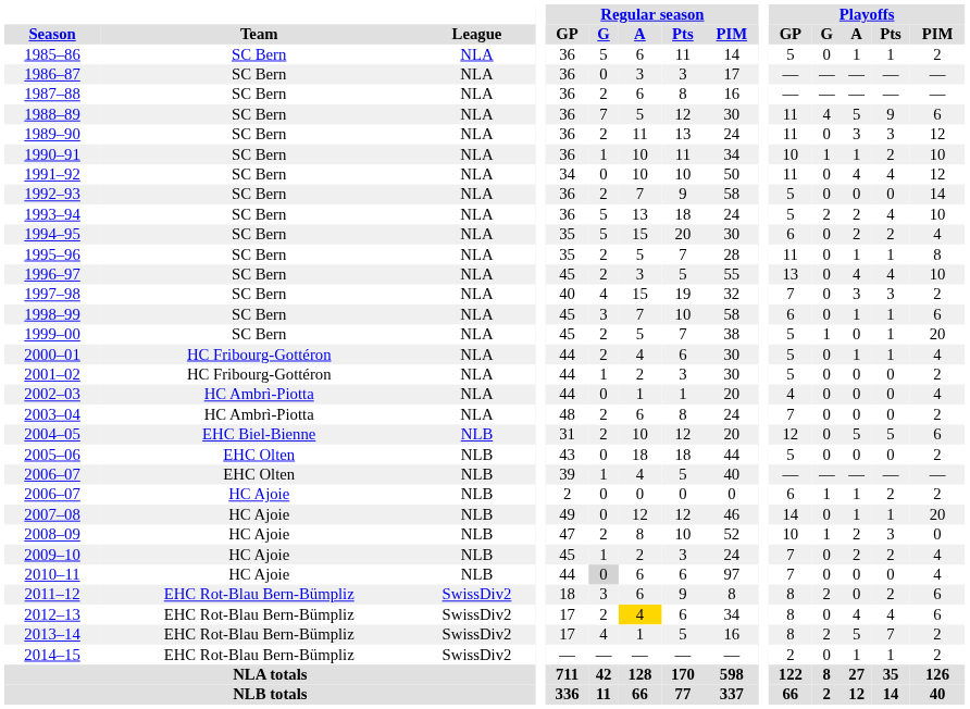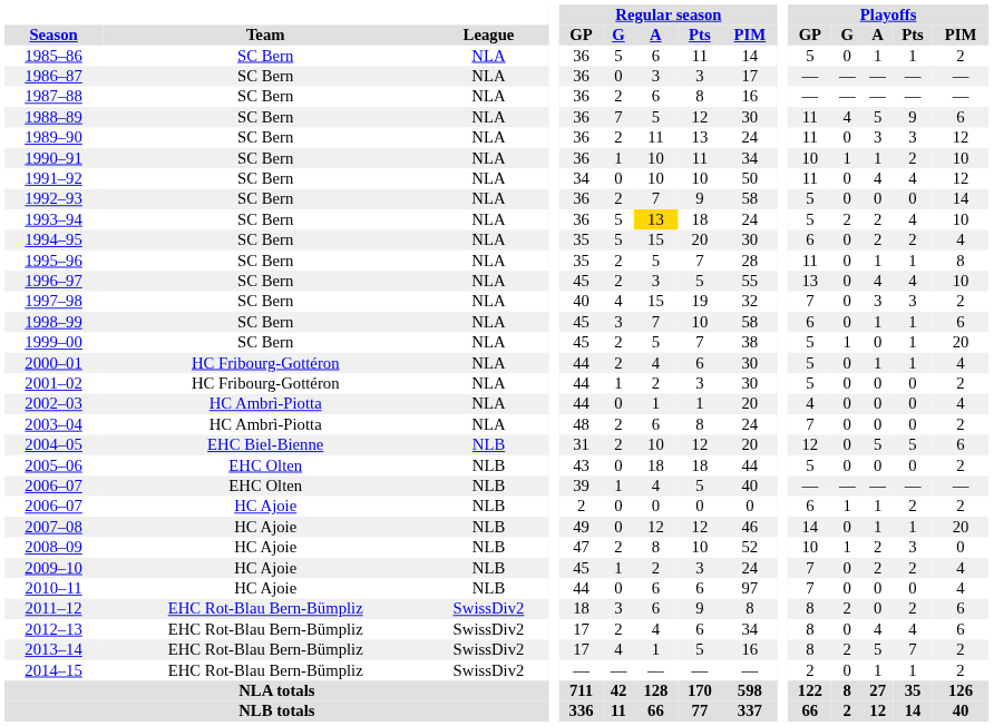 <table border="0" cellpadding="1" cellspacing="0" style="text-align:center; width:60em">
 <tr bgcolor="#e0e0e0">
 <th colspan="3" bgcolor="#ffffff"> </th>
 <th rowspan="99" bgcolor="#ffffff"> </th>
 <th colspan="5"><a href='#'>Regular season</a></th>
 <th rowspan="99" bgcolor="#ffffff"> </th>
 <th colspan="5"><a href='#'>Playoffs</a></th>
 </tr>
 <tr bgcolor="#e0e0e0">
 <th><a href='#'>Season</a></th>
 <th>Team</th>
 <th>League</th>
 <th>GP</th>
 <th><a href='#'>G</a></th>
 <th><a href='#'>A</a></th>
 <th><a href='#'>Pts</a></th>
 <th><a href='#'>PIM</a></th>
 <th>GP</th>
 <th>G</th>
 <th>A</th>
 <th>Pts</th>
 <th>PIM</th>
 </tr>
 <tr>
 <td><a href='#'>1985–86</a></td>
 <td><a href='#'>SC Bern</a></td>
 <td><a href='#'>NLA</a></td>
 <td>36</td>
 <td>5</td>
 <td>6</td>
 <td>11</td>
 <td>14</td>
 <td>5</td>
 <td>0</td>
 <td>1</td>
 <td>1</td>
 <td>2</td>
 </tr>
 <tr bgcolor="#f0f0f0">
 <td><a href='#'>1986–87</a></td>
 <td>SC Bern</td>
 <td>NLA</td>
 <td>36</td>
 <td>0</td>
 <td>3</td>
 <td>3</td>
 <td>17</td>
 <td>—</td>
 <td>—</td>
 <td>—</td>
 <td>—</td>
 <td>—</td>
 </tr>
 <tr>
 <td><a href='#'>1987–88</a></td>
 <td>SC Bern</td>
 <td>NLA</td>
 <td>36</td>
 <td>2</td>
 <td>6</td>
 <td>8</td>
 <td>16</td>
 <td>—</td>
 <td>—</td>
 <td>—</td>
 <td>—</td>
 <td>—</td>
 </tr>
 <tr bgcolor="#f0f0f0">
 <td><a href='#'>1988–89</a></td>
 <td>SC Bern</td>
 <td>NLA</td>
 <td>36</td>
 <td>7</td>
 <td>5</td>
 <td>12</td>
 <td>30</td>
 <td>11</td>
 <td>4</td>
 <td>5</td>
 <td>9</td>
 <td>6</td>
 </tr>
 <tr>
 <td><a href='#'>1989–90</a></td>
 <td>SC Bern</td>
 <td>NLA</td>
 <td>36</td>
 <td>2</td>
 <td>11</td>
 <td>13</td>
 <td>24</td>
 <td>11</td>
 <td>0</td>
 <td>3</td>
 <td>3</td>
 <td>12</td>
 </tr>
 <tr bgcolor="#f0f0f0">
 <td><a href='#'>1990–91</a></td>
 <td>SC Bern</td>
 <td>NLA</td>
 <td>36</td>
 <td>1</td>
 <td>10</td>
 <td>11</td>
 <td>34</td>
 <td>10</td>
 <td>1</td>
 <td>1</td>
 <td>2</td>
 <td>10</td>
 </tr>
 <tr>
 <td><a href='#'>1991–92</a></td>
 <td>SC Bern</td>
 <td>NLA</td>
 <td>34</td>
 <td>0</td>
 <td>10</td>
 <td>10</td>
 <td>50</td>
 <td>11</td>
 <td>0</td>
 <td>4</td>
 <td>4</td>
 <td>12</td>
 </tr>
 <tr bgcolor="#f0f0f0">
 <td><a href='#'>1992–93</a></td>
 <td>SC Bern</td>
 <td>NLA</td>
 <td>36</td>
 <td>2</td>
 <td>7</td>
 <td>9</td>
 <td>58</td>
 <td>5</td>
 <td>0</td>
 <td>0</td>
 <td>0</td>
 <td>14</td>
 </tr>
 <tr>
 <td><a href='#'>1993–94</a></td>
 <td>SC Bern</td>
 <td>NLA</td>
 <td>36</td>
 <td>5</td>
-<td>13</td>
+<td style="background: gold;">13</td>
 <td>18</td>
 <td>24</td>
 <td>5</td>
 <td>2</td>
 <td>2</td>
 <td>4</td>
 <td>10</td>
 </tr>
 <tr bgcolor="#f0f0f0">
 <td><a href='#'>1994–95</a></td>
 <td>SC Bern</td>
 <td>NLA</td>
 <td>35</td>
 <td>5</td>
 <td>15</td>
 <td>20</td>
 <td>30</td>
 <td>6</td>
 <td>0</td>
 <td>2</td>
 <td>2</td>
 <td>4</td>
 </tr>
 <tr>
 <td><a href='#'>1995–96</a></td>
 <td>SC Bern</td>
 <td>NLA</td>
 <td>35</td>
 <td>2</td>
 <td>5</td>
 <td>7</td>
 <td>28</td>
 <td>11</td>
 <td>0</td>
 <td>1</td>
 <td>1</td>
 <td>8</td>
 </tr>
 <tr bgcolor="#f0f0f0">
 <td><a href='#'>1996–97</a></td>
 <td>SC Bern</td>
 <td>NLA</td>
 <td>45</td>
 <td>2</td>
 <td>3</td>
 <td>5</td>
 <td>55</td>
 <td>13</td>
 <td>0</td>
 <td>4</td>
 <td>4</td>
 <td>10</td>
 </tr>
 <tr>
 <td><a href='#'>1997–98</a></td>
 <td>SC Bern</td>
 <td>NLA</td>
 <td>40</td>
 <td>4</td>
 <td>15</td>
 <td>19</td>
 <td>32</td>
 <td>7</td>
 <td>0</td>
 <td>3</td>
 <td>3</td>
 <td>2</td>
 </tr>
 <tr bgcolor="#f0f0f0">
 <td><a href='#'>1998–99</a></td>
 <td>SC Bern</td>
 <td>NLA</td>
 <td>45</td>
 <td>3</td>
 <td>7</td>
 <td>10</td>
 <td>58</td>
 <td>6</td>
 <td>0</td>
 <td>1</td>
 <td>1</td>
 <td>6</td>
 </tr>
 <tr>
 <td><a href='#'>1999–00</a></td>
 <td>SC Bern</td>
 <td>NLA</td>
 <td>45</td>
 <td>2</td>
 <td>5</td>
 <td>7</td>
 <td>38</td>
 <td>5</td>
 <td>1</td>
 <td>0</td>
 <td>1</td>
 <td>20</td>
 </tr>
 <tr bgcolor="#f0f0f0">
 <td><a href='#'>2000–01</a></td>
 <td><a href='#'>HC Fribourg-Gottéron</a></td>
 <td>NLA</td>
 <td>44</td>
 <td>2</td>
 <td>4</td>
 <td>6</td>
 <td>30</td>
 <td>5</td>
 <td>0</td>
 <td>1</td>
 <td>1</td>
 <td>4</td>
 </tr>
 <tr>
 <td><a href='#'>2001–02</a></td>
 <td>HC Fribourg-Gottéron</td>
 <td>NLA</td>
 <td>44</td>
 <td>1</td>
 <td>2</td>
 <td>3</td>
 <td>30</td>
 <td>5</td>
 <td>0</td>
 <td>0</td>
 <td>0</td>
 <td>2</td>
 </tr>
 <tr bgcolor="#f0f0f0">
 <td><a href='#'>2002–03</a></td>
 <td><a href='#'>HC Ambrì-Piotta</a></td>
 <td>NLA</td>
 <td>44</td>
 <td>0</td>
 <td>1</td>
 <td>1</td>
 <td>20</td>
 <td>4</td>
 <td>0</td>
 <td>0</td>
 <td>0</td>
 <td>4</td>
 </tr>
 <tr>
 <td><a href='#'>2003–04</a></td>
 <td>HC Ambrì-Piotta</td>
 <td>NLA</td>
 <td>48</td>
 <td>2</td>
 <td>6</td>
 <td>8</td>
 <td>24</td>
 <td>7</td>
 <td>0</td>
 <td>0</td>
 <td>0</td>
 <td>2</td>
 </tr>
 <tr bgcolor="#f0f0f0">
 <td><a href='#'>2004–05</a></td>
 <td><a href='#'>EHC Biel-Bienne</a></td>
 <td><a href='#'>NLB</a></td>
 <td>31</td>
 <td>2</td>
 <td>10</td>
 <td>12</td>
 <td>20</td>
 <td>12</td>
 <td>0</td>
 <td>5</td>
 <td>5</td>
 <td>6</td>
 </tr>
 <tr>
 <td><a href='#'>2005–06</a></td>
 <td><a href='#'>EHC Olten</a></td>
 <td>NLB</td>
 <td>43</td>
 <td>0</td>
 <td>18</td>
 <td>18</td>
 <td>44</td>
 <td>5</td>
 <td>0</td>
 <td>0</td>
 <td>0</td>
 <td>2</td>
 </tr>
 <tr bgcolor="#f0f0f0">
 <td><a href='#'>2006–07</a></td>
 <td>EHC Olten</td>
 <td>NLB</td>
 <td>39</td>
 <td>1</td>
 <td>4</td>
 <td>5</td>
 <td>40</td>
 <td>—</td>
 <td>—</td>
 <td>—</td>
 <td>—</td>
 <td>—</td>
 </tr>
 <tr>
 <td><a href='#'>2006–07</a></td>
 <td><a href='#'>HC Ajoie</a></td>
 <td>NLB</td>
 <td>2</td>
 <td>0</td>
 <td>0</td>
 <td>0</td>
 <td>0</td>
 <td>6</td>
 <td>1</td>
 <td>1</td>
 <td>2</td>
 <td>2</td>
 </tr>
 <tr bgcolor="#f0f0f0">
 <td><a href='#'>2007–08</a></td>
 <td>HC Ajoie</td>
 <td>NLB</td>
 <td>49</td>
 <td>0</td>
 <td>12</td>
 <td>12</td>
 <td>46</td>
 <td>14</td>
 <td>0</td>
 <td>1</td>
 <td>1</td>
 <td>20</td>
 </tr>
 <tr>
 <td><a href='#'>2008–09</a></td>
 <td>HC Ajoie</td>
 <td>NLB</td>
 <td>47</td>
 <td>2</td>
 <td>8</td>
 <td>10</td>
 <td>52</td>
 <td>10</td>
 <td>1</td>
 <td>2</td>
 <td>3</td>
 <td>0</td>
 </tr>
 <tr bgcolor="#f0f0f0">
 <td><a href='#'>2009–10</a></td>
 <td>HC Ajoie</td>
 <td>NLB</td>
 <td>45</td>
 <td>1</td>
 <td>2</td>
 <td>3</td>
 <td>24</td>
 <td>7</td>
 <td>0</td>
 <td>2</td>
 <td>2</td>
 <td>4</td>
 </tr>
 <tr>
 <td><a href='#'>2010–11</a></td>
 <td>HC Ajoie</td>
 <td>NLB</td>
 <td>44</td>
-<td style="background: lightgrey;">0</td>
+<td>0</td>
 <td>6</td>
 <td>6</td>
 <td>97</td>
 <td>7</td>
 <td>0</td>
 <td>0</td>
 <td>0</td>
 <td>4</td>
 </tr>
 <tr bgcolor="#f0f0f0">
 <td><a href='#'>2011–12</a></td>
 <td><a href='#'>EHC Rot-Blau Bern-Bümpliz</a></td>
 <td><a href='#'>SwissDiv2</a></td>
 <td>18</td>
 <td>3</td>
 <td>6</td>
 <td>9</td>
 <td>8</td>
 <td>8</td>
 <td>2</td>
 <td>0</td>
 <td>2</td>
 <td>6</td>
 </tr>
 <tr>
 <td><a href='#'>2012–13</a></td>
 <td>EHC Rot-Blau Bern-Bümpliz</td>
 <td>SwissDiv2</td>
 <td>17</td>
 <td>2</td>
-<td style="background: gold;">4</td>
+<td>4</td>
 <td>6</td>
 <td>34</td>
 <td>8</td>
 <td>0</td>
 <td>4</td>
 <td>4</td>
 <td>6</td>
 </tr>
 <tr bgcolor="#f0f0f0">
 <td><a href='#'>2013–14</a></td>
 <td>EHC Rot-Blau Bern-Bümpliz</td>
 <td>SwissDiv2</td>
 <td>17</td>
 <td>4</td>
 <td>1</td>
 <td>5</td>
 <td>16</td>
 <td>8</td>
 <td>2</td>
 <td>5</td>
 <td>7</td>
 <td>2</td>
 </tr>
 <tr>
 <td><a href='#'>2014–15</a></td>
 <td>EHC Rot-Blau Bern-Bümpliz</td>
 <td>SwissDiv2</td>
 <td>—</td>
 <td>—</td>
 <td>—</td>
 <td>—</td>
 <td>—</td>
 <td>2</td>
 <td>0</td>
 <td>1</td>
 <td>1</td>
 <td>2</td>
 </tr>
 <tr>
 </tr>
 <tr ALIGN="center" bgcolor="#e0e0e0">
 <th colspan="3">NLA totals</th>
 <th ALIGN="center">711</th>
 <th ALIGN="center">42</th>
 <th ALIGN="center">128</th>
 <th ALIGN="center">170</th>
 <th ALIGN="center">598</th>
 <th ALIGN="center">122</th>
 <th ALIGN="center">8</th>
 <th ALIGN="center">27</th>
 <th ALIGN="center">35</th>
 <th ALIGN="center">126</th>
 </tr>
 <tr>
 </tr>
 <tr ALIGN="center" bgcolor="#e0e0e0">
 <th colspan="3">NLB totals</th>
 <th ALIGN="center">336</th>
 <th ALIGN="center">11</th>
 <th ALIGN="center">66</th>
 <th ALIGN="center">77</th>
 <th ALIGN="center">337</th>
 <th ALIGN="center">66</th>
 <th ALIGN="center">2</th>
 <th ALIGN="center">12</th>
 <th ALIGN="center">14</th>
 <th ALIGN="center">40</th>
 </tr>
 </table>
